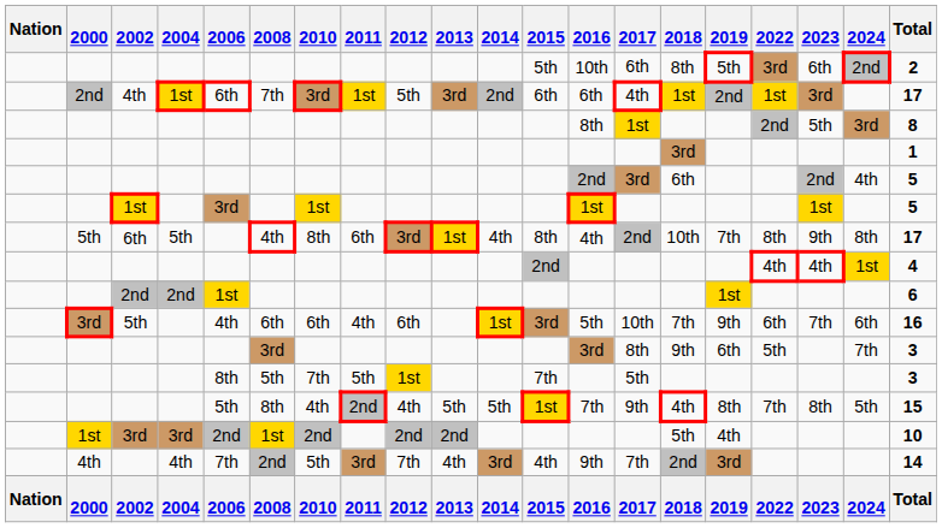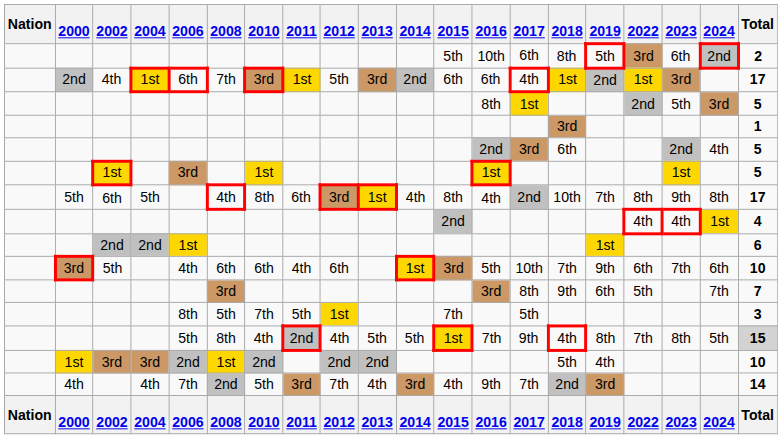 <table class="wikitable" style="text-align:center; font-size:90%">
 <tr>
 <th width=170>Nation</th>
 <th><br><a href='#'>2000</a></th>
 <th><br><a href='#'>2002</a></th>
 <th><br><a href='#'>2004</a></th>
 <th><br><a href='#'>2006</a></th>
 <th><br><a href='#'>2008</a></th>
 <th><br><a href='#'>2010</a></th>
 <th><br><a href='#'>2011</a></th>
 <th><br><a href='#'>2012</a></th>
 <th><br><a href='#'>2013</a></th>
 <th><br><a href='#'>2014</a></th>
 <th><br><a href='#'>2015</a></th>
 <th><br><a href='#'>2016</a></th>
 <th><br><a href='#'>2017</a></th>
 <th><br><a href='#'>2018</a></th>
 <th><br><a href='#'>2019</a></th>
 <th><br><a href='#'>2022</a></th>
 <th><br><a href='#'>2023</a></th>
 <th><br><a href='#'>2024</a></th>
 <th>Total</th>
 </tr>
 <tr>
 <td align=left></td>
 <td></td>
 <td></td>
 <td></td>
 <td></td>
 <td></td>
 <td></td>
 <td></td>
 <td></td>
 <td></td>
 <td></td>
 <td>5th</td>
 <td>10th</td>
 <td>6th</td>
 <td>8th</td>
 <td style="border: 3px solid red">5th</td>
 <td bgcolor="#cc9966">3rd</td>
 <td>6th</td>
 <td style="border: 3px solid red" bgcolor=silver>2nd</td>
 <td><strong>2</strong></td>
 </tr>
 <tr>
 <td align=left></td>
 <td bgcolor="silver">2nd</td>
 <td>4th</td>
 <td style="border: 3px solid red" bgcolor="gold">1st</td>
 <td style="border: 3px solid red">6th</td>
 <td>7th</td>
 <td style="border: 3px solid red" bgcolor="#cc9966">3rd</td>
 <td bgcolor="gold">1st</td>
 <td>5th</td>
 <td bgcolor="#cc9966">3rd</td>
 <td bgcolor="silver">2nd</td>
 <td>6th</td>
 <td>6th</td>
 <td style="border: 3px solid red">4th</td>
 <td bgcolor="gold">1st</td>
 <td bgcolor="silver">2nd</td>
 <td bgcolor="gold">1st</td>
 <td bgcolor="#cc9966">3rd</td>
 <td></td>
 <td><strong>17</strong></td>
 </tr>
 <tr>
 <td align=left></td>
 <td></td>
 <td></td>
 <td></td>
 <td></td>
 <td></td>
 <td></td>
 <td></td>
 <td></td>
 <td></td>
 <td></td>
 <td></td>
 <td>8th</td>
 <td bgcolor="gold">1st</td>
 <td></td>
 <td></td>
 <td bgcolor="silver">2nd</td>
 <td>5th</td>
 <td bgcolor="#cc9966">3rd</td>
-<td><strong>8</strong></td>
+<td><strong>5</strong></td>
 </tr>
 <tr>
 <td align=left></td>
 <td></td>
 <td></td>
 <td></td>
 <td></td>
 <td></td>
 <td></td>
 <td></td>
 <td></td>
 <td></td>
 <td></td>
 <td></td>
 <td></td>
 <td></td>
 <td bgcolor="#cc9966">3rd</td>
 <td></td>
 <td></td>
 <td></td>
 <td></td>
 <td><strong>1</strong></td>
 </tr>
 <tr>
 <td align=left></td>
 <td></td>
 <td></td>
 <td></td>
 <td></td>
 <td></td>
 <td></td>
 <td></td>
 <td></td>
 <td></td>
 <td></td>
 <td></td>
 <td bgcolor="silver">2nd</td>
 <td bgcolor="#cc9966">3rd</td>
 <td>6th</td>
 <td></td>
 <td></td>
 <td bgcolor="silver">2nd</td>
 <td>4th</td>
 <td><strong>5</strong></td>
 </tr>
 <tr>
 <td align=left></td>
 <td></td>
 <td style="border: 3px solid red" bgcolor="gold">1st</td>
 <td></td>
 <td bgcolor="#cc9966">3rd</td>
 <td></td>
 <td bgcolor="gold">1st</td>
 <td></td>
 <td></td>
 <td></td>
 <td></td>
 <td></td>
 <td style="border: 3px solid red" bgcolor="gold">1st</td>
 <td></td>
 <td></td>
 <td></td>
 <td></td>
 <td bgcolor="gold">1st</td>
 <td></td>
 <td><strong>5</strong></td>
 </tr>
 <tr>
 <td align=left></td>
 <td>5th</td>
 <td>6th</td>
 <td>5th</td>
 <td></td>
 <td style="border: 3px solid red">4th</td>
 <td>8th</td>
 <td>6th</td>
 <td style="border: 3px solid red" bgcolor="#cc9966">3rd</td>
 <td style="border: 3px solid red" bgcolor="gold">1st</td>
 <td>4th</td>
 <td>8th</td>
 <td>4th</td>
 <td bgcolor="silver">2nd</td>
 <td>10th</td>
 <td>7th</td>
 <td>8th</td>
 <td>9th</td>
 <td>8th</td>
 <td><strong>17</strong></td>
 </tr>
 <tr>
 <td align=left></td>
 <td></td>
 <td></td>
 <td></td>
 <td></td>
 <td></td>
 <td></td>
 <td></td>
 <td></td>
 <td></td>
 <td></td>
 <td bgcolor="silver">2nd</td>
 <td></td>
 <td></td>
 <td></td>
 <td></td>
 <td style="border: 3px solid red">4th</td>
 <td style="border: 3px solid red">4th</td>
 <td bgcolor=gold>1st</td>
 <td><strong>4</strong></td>
 </tr>
 <tr>
 <td align=left></td>
 <td></td>
 <td bgcolor="silver">2nd</td>
 <td bgcolor="silver">2nd</td>
 <td bgcolor="gold">1st</td>
 <td></td>
 <td></td>
 <td></td>
 <td></td>
 <td></td>
 <td></td>
 <td></td>
 <td></td>
 <td></td>
 <td></td>
 <td bgcolor="gold">1st</td>
 <td></td>
 <td></td>
 <td></td>
 <td><strong>6</strong></td>
 </tr>
 <tr>
 <td align=left></td>
 <td style="border: 3px solid red" bgcolor="#cc9966">3rd</td>
 <td>5th</td>
 <td></td>
 <td>4th</td>
 <td>6th</td>
 <td>6th</td>
 <td>4th</td>
 <td>6th</td>
 <td></td>
 <td style="border: 3px solid red" bgcolor="gold">1st</td>
 <td bgcolor="#cc9966">3rd</td>
 <td>5th</td>
 <td>10th</td>
 <td>7th</td>
 <td>9th</td>
 <td>6th</td>
 <td>7th</td>
 <td>6th</td>
-<td><strong>16</strong></td>
+<td><strong>10</strong></td>
 </tr>
 <tr>
 <td align=left></td>
 <td></td>
 <td></td>
 <td></td>
 <td></td>
 <td bgcolor="#cc9966">3rd</td>
 <td></td>
 <td></td>
 <td></td>
 <td></td>
 <td></td>
 <td></td>
 <td bgcolor="#cc9966">3rd</td>
 <td>8th</td>
 <td>9th</td>
 <td>6th</td>
 <td>5th</td>
 <td></td>
 <td>7th</td>
-<td><strong>3</strong></td>
+<td><strong>7</strong></td>
 </tr>
 <tr>
 <td align=left></td>
 <td></td>
 <td></td>
 <td></td>
 <td>8th</td>
 <td>5th</td>
 <td>7th</td>
 <td>5th</td>
 <td bgcolor="gold">1st</td>
 <td></td>
 <td></td>
 <td>7th</td>
 <td></td>
 <td>5th</td>
 <td></td>
 <td></td>
 <td></td>
 <td></td>
 <td></td>
 <td><strong>3</strong></td>
 </tr>
 <tr>
 <td align=left></td>
 <td></td>
 <td></td>
 <td></td>
 <td>5th</td>
 <td>8th</td>
 <td>4th</td>
 <td style="border: 3px solid red" bgcolor="silver">2nd</td>
 <td>4th</td>
 <td>5th</td>
 <td>5th</td>
 <td style="border: 3px solid red" bgcolor="gold">1st</td>
 <td>7th</td>
 <td>9th</td>
 <td style="border: 3px solid red">4th</td>
 <td>8th</td>
 <td>7th</td>
 <td>8th</td>
 <td>5th</td>
-<td><strong>15</strong></td>
+<td style="background: lightgrey;"><strong>15</strong></td>
 </tr>
 <tr>
 <td align=left></td>
 <td bgcolor="gold">1st</td>
 <td bgcolor="#cc9966">3rd</td>
 <td bgcolor="#cc9966">3rd</td>
 <td bgcolor="silver">2nd</td>
 <td bgcolor="gold">1st</td>
 <td bgcolor="silver">2nd</td>
 <td></td>
 <td bgcolor="silver">2nd</td>
 <td bgcolor="silver">2nd</td>
 <td></td>
 <td></td>
 <td></td>
 <td></td>
 <td>5th</td>
 <td>4th</td>
 <td></td>
 <td></td>
 <td></td>
 <td><strong>10</strong></td>
 </tr>
 <tr>
 <td align=left></td>
 <td>4th</td>
 <td></td>
 <td>4th</td>
 <td>7th</td>
 <td bgcolor="silver">2nd</td>
 <td>5th</td>
 <td bgcolor="#cc9966">3rd</td>
 <td>7th</td>
 <td>4th</td>
 <td bgcolor="#cc9966">3rd</td>
 <td>4th</td>
 <td>9th</td>
 <td>7th</td>
 <td bgcolor="silver">2nd</td>
 <td bgcolor="#cc9966">3rd</td>
 <td></td>
 <td></td>
 <td></td>
 <td><strong>14</strong></td>
 </tr>
 <tr>
 <th width=170>Nation</th>
 <th><br><a href='#'>2000</a></th>
 <th><br><a href='#'>2002</a></th>
 <th><br><a href='#'>2004</a></th>
 <th><br><a href='#'>2006</a></th>
 <th><br><a href='#'>2008</a></th>
 <th><br><a href='#'>2010</a></th>
 <th><br><a href='#'>2011</a></th>
 <th><br><a href='#'>2012</a></th>
 <th><br><a href='#'>2013</a></th>
 <th><br><a href='#'>2014</a></th>
 <th><br><a href='#'>2015</a></th>
 <th><br><a href='#'>2016</a></th>
 <th><br><a href='#'>2017</a></th>
 <th><br><a href='#'>2018</a></th>
 <th><br><a href='#'>2019</a></th>
 <th><br><a href='#'>2022</a></th>
 <th><br><a href='#'>2023</a></th>
 <th><br><a href='#'>2024</a></th>
 <th>Total</th>
 </tr>
 </table>
